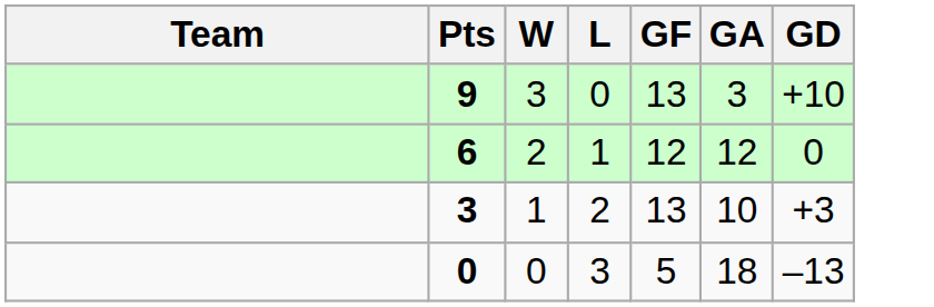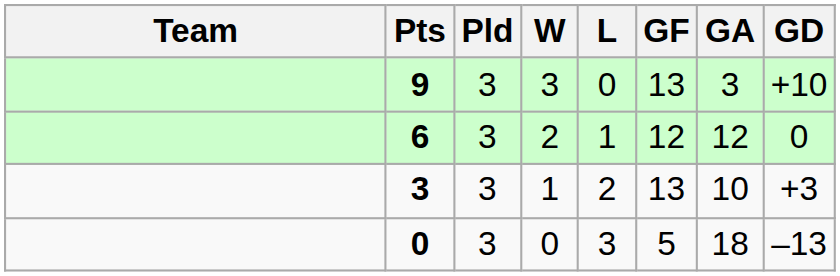 <table class="wikitable" style="text-align:center;">
 <tr>
 <th width=175>Team</th>
 <th width=20 abbr="Points">Pts</th>
+<th width=20 abbr="Played">Pld</th>
 <th width=20 abbr="Won">W</th>
 <th width=20 abbr="Lost">L</th>
 <th width=20 abbr="Goals for">GF</th>
 <th width=20 abbr="Goals against">GA</th>
 <th width=20 abbr="Goal difference">GD</th>
 </tr>
 <tr style="background:#ccffcc;">
 <td style="text-align:left;"></td>
 <td><strong>9</strong></td>
 <td>3</td>
+<td>3</td>
 <td>0</td>
 <td>13</td>
 <td>3</td>
 <td>+10</td>
 </tr>
 <tr style="background:#ccffcc;">
 <td style="text-align:left;"></td>
 <td><strong>6</strong></td>
+<td>3</td>
 <td>2</td>
 <td>1</td>
 <td>12</td>
 <td>12</td>
 <td>0</td>
 </tr>
 <tr align=center style="background:">
 <td style="text-align:left;"></td>
 <td><strong>3</strong></td>
+<td>3</td>
 <td>1</td>
 <td>2</td>
 <td>13</td>
 <td>10</td>
 <td>+3</td>
 </tr>
 <tr align=center style="background:">
 <td style="text-align:left;"></td>
 <td><strong>0</strong></td>
+<td>3</td>
 <td>0</td>
 <td>3</td>
 <td>5</td>
 <td>18</td>
 <td>–13</td>
 </tr>
 </table>
